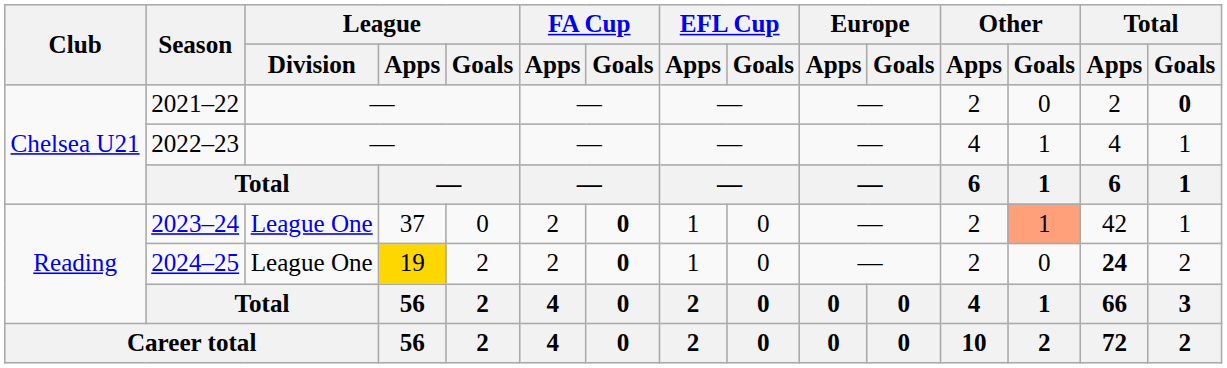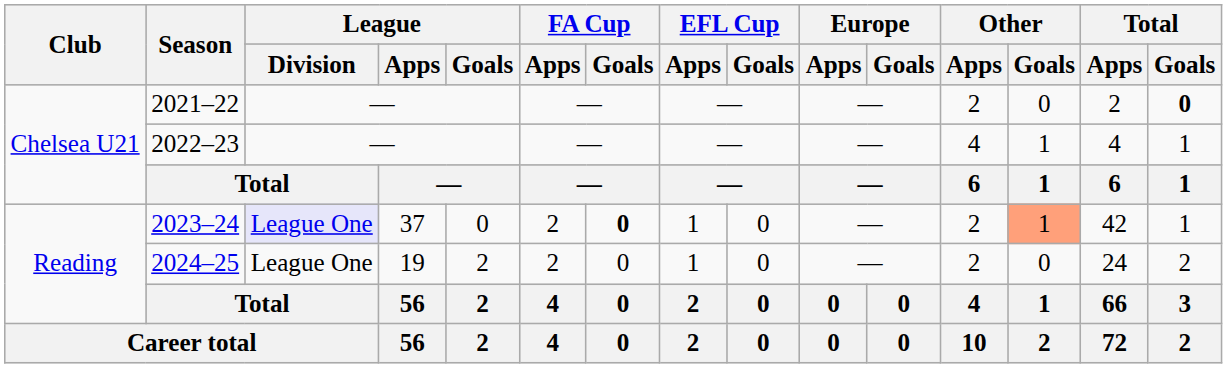 <table class="wikitable" style="text-align: center;">
 <tr>
 <th rowspan=2>Club</th>
 <th rowspan=2>Season</th>
 <th colspan=3>League</th>
 <th colspan=2><a href='#'>FA Cup</a></th>
 <th colspan=2><a href='#'>EFL Cup</a></th>
 <th colspan=2>Europe</th>
 <th colspan=2>Other</th>
 <th colspan=2>Total</th>
 </tr>
 <tr>
 <th>Division</th>
 <th>Apps</th>
 <th>Goals</th>
 <th>Apps</th>
 <th>Goals</th>
 <th>Apps</th>
 <th>Goals</th>
 <th>Apps</th>
 <th>Goals</th>
 <th>Apps</th>
 <th>Goals</th>
 <th>Apps</th>
 <th>Goals</th>
 </tr>
 <tr>
 <td rowspan=3><a href='#'>Chelsea U21</a></td>
 <td>2021–22</td>
 <td colspan=3>—</td>
 <td colspan=2>—</td>
 <td colspan=2>—</td>
 <td colspan=2>—</td>
 <td>2</td>
 <td>0</td>
 <td>2</td>
 <td><strong>0</strong></td>
 </tr>
 <tr>
 <td>2022–23</td>
 <td colspan=3>—</td>
 <td colspan=2>—</td>
 <td colspan=2>—</td>
 <td colspan=2>—</td>
 <td>4</td>
 <td>1</td>
 <td>4</td>
 <td>1</td>
 </tr>
 <tr>
 <th colspan=2>Total</th>
 <th colspan=2>—</th>
 <th colspan=2>—</th>
 <th colspan=2>—</th>
 <th colspan=2>—</th>
 <th>6</th>
 <th>1</th>
 <th>6</th>
 <th>1</th>
 </tr>
 <tr>
 <td rowspan="3"><a href='#'>Reading</a></td>
 <td><a href='#'>2023–24</a></td>
-<td><a href='#'>League One</a></td>
+<td style="background: lavender;"><a href='#'>League One</a></td>
 <td>37</td>
 <td>0</td>
 <td>2</td>
 <td><strong>0</strong></td>
 <td>1</td>
 <td>0</td>
 <td colspan=2>—</td>
 <td>2</td>
 <td style="background: lightsalmon;">1</td>
 <td>42</td>
 <td>1</td>
 </tr>
 <tr>
 <td><a href='#'>2024–25</a></td>
 <td>League One</td>
-<td style="background: gold;">19</td>
+<td>19</td>
 <td>2</td>
 <td>2</td>
-<td><strong>0</strong></td>
+<td>0</td>
 <td>1</td>
 <td>0</td>
 <td colspan=2>—</td>
 <td>2</td>
 <td>0</td>
-<td><strong>24</strong></td>
+<td>24</td>
 <td>2</td>
 </tr>
 <tr>
 <th colspan=2>Total</th>
 <th>56</th>
 <th>2</th>
 <th>4</th>
 <th>0</th>
 <th>2</th>
 <th>0</th>
 <th>0</th>
 <th>0</th>
 <th>4</th>
 <th>1</th>
 <th>66</th>
 <th>3</th>
 </tr>
 <tr>
 <th colspan=3>Career total</th>
 <th>56</th>
 <th>2</th>
 <th>4</th>
 <th>0</th>
 <th>2</th>
 <th>0</th>
 <th>0</th>
 <th>0</th>
 <th>10</th>
 <th>2</th>
 <th>72</th>
 <th>2</th>
 </tr>
 </table>
